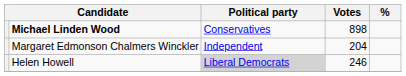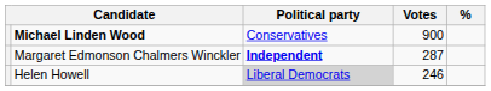 <table class="wikitable">
 <tr>
 <th valign=top colspan="2" style="width: 180px">Candidate</th>
 <th valign=top style="width: 180px">Political party</th>
 <th valign=top style="width: 60px">Votes</th>
 <th valign=top style="width: 40px">%</th>
 </tr>
 <tr>
 <th style="background-color: "></th>
 <td><strong>Michael Linden Wood</strong></td>
 <td><a href='#'>Conservatives</a></td>
-<td align="right">898</td>
+<td align="right">900</td>
 <td align="right"></td>
 </tr>
 <tr>
 <th style="background-color: "></th>
 <td>Margaret Edmonson Chalmers Winckler</td>
-<td><a href='#'>Independent</a></td>
-<td align="right">204</td>
+<td><strong><a href='#'>Independent</a></strong></td>
+<td align="right">287</td>
 <td align="right"></td>
 </tr>
 <tr>
 <th style="background-color: "></th>
 <td>Helen Howell</td>
 <td style="background: lightgrey;"><a href='#'>Liberal Democrats</a></td>
 <td align="right">246</td>
 <td align="right"></td>
 </tr>
 <tr>
 </tr>
 </table>
